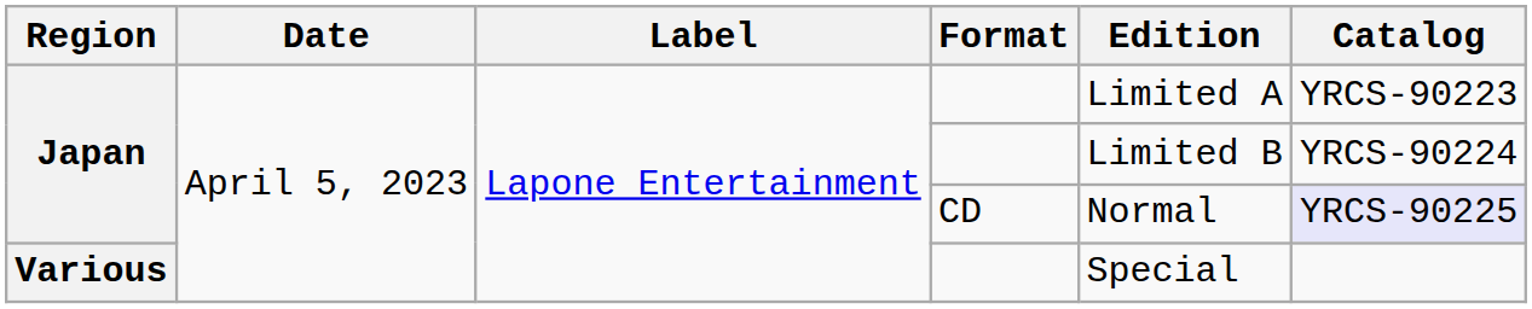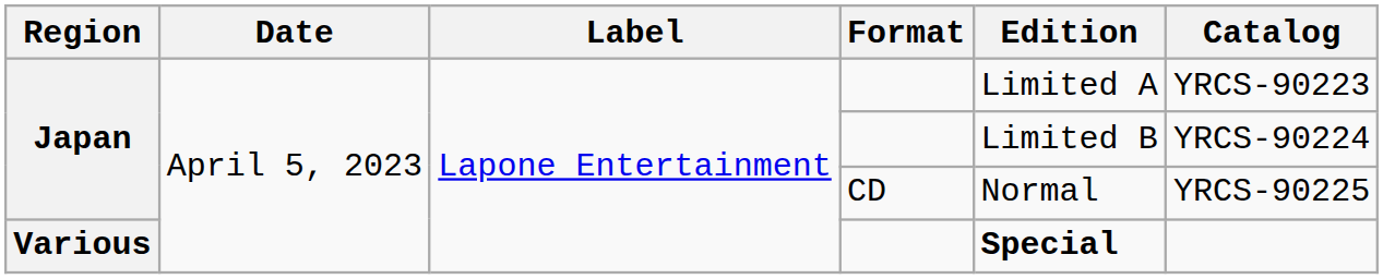 <table class="wikitable plainrowheaders">
 <tr>
 <th>Region</th>
 <th>Date</th>
 <th>Label</th>
 <th>Format</th>
 <th>Edition</th>
 <th>Catalog</th>
 </tr>
 <tr>
 <th rowspan="3" scope="row">Japan</th>
 <td rowspan="4">April 5, 2023</td>
 <td rowspan="4"><a href='#'>Lapone Entertainment</a></td>
 <td></td>
 <td>Limited A</td>
 <td>YRCS-90223</td>
 </tr>
 <tr>
 <td></td>
 <td>Limited B</td>
 <td>YRCS-90224</td>
 </tr>
 <tr>
 <td>CD</td>
 <td>Normal</td>
-<td style="background: lavender;">YRCS-90225</td>
+<td>YRCS-90225</td>
 </tr>
 <tr>
 <th scope="row">Various</th>
 <td></td>
-<td>Special</td>
+<td><strong>Special</strong></td>
 <td></td>
 </tr>
 </table>
